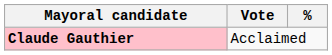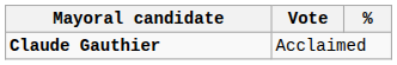 <table class="wikitable">
 <tr>
 <th bgcolor="#DDDDFF" width="200px">Mayoral candidate</th>
 <th bgcolor="#DDDDFF" width="50px">Vote</th>
 <th bgcolor="#DDDDFF"  width="30px">%</th>
 </tr>
 <tr>
-<td style="background: pink;"><strong>Claude Gauthier</strong></td>
+<td><strong>Claude Gauthier</strong></td>
 <td colspan="2">Acclaimed</td>
 </tr>
 </table>
